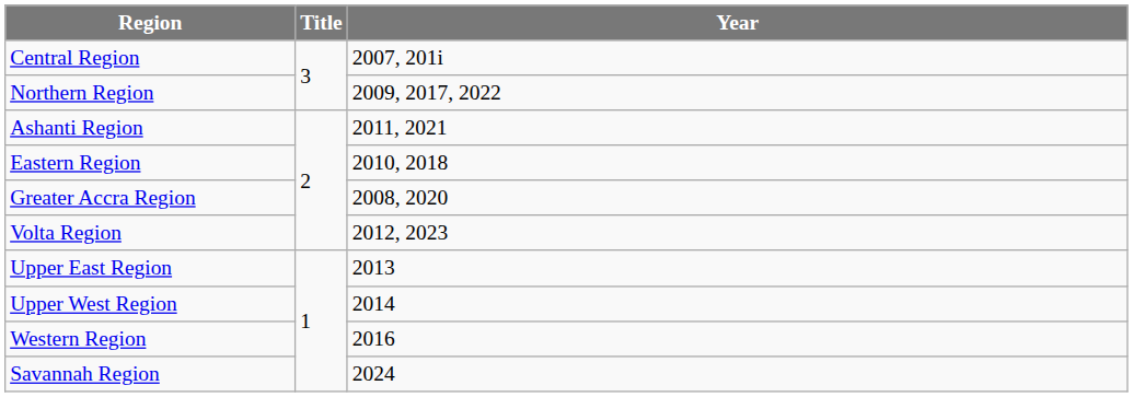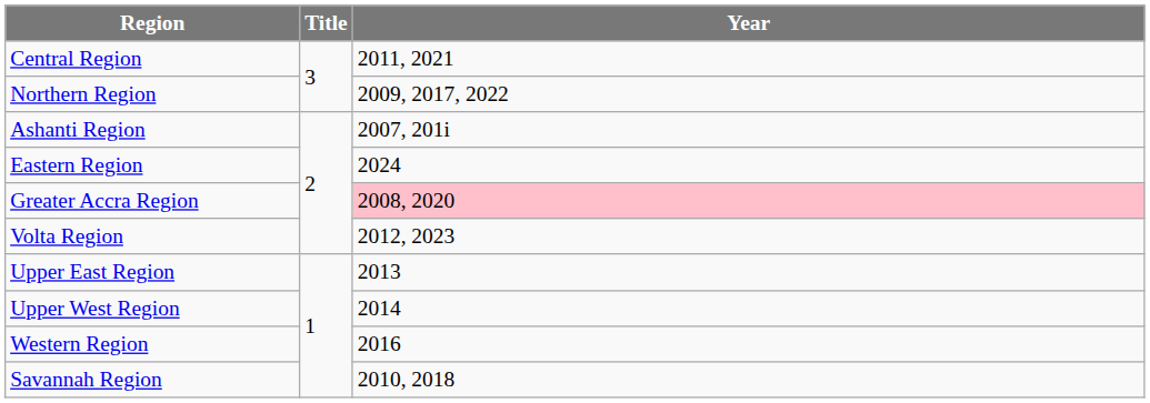 <table class="wikitable sortable" style="font-size: 95%;">
 <tr>
 <th width="200" style="background-color:#787878;color:#FFFFFF;">Region</th>
 <th width="30" style="background-color:#787878;color:#FFFFFF;">Title</th>
 <th width="550" style="background-color:#787878;color:#FFFFFF;">Year</th>
 </tr>
 <tr>
 <td><a href='#'>Central Region</a></td>
 <td rowspan="2">3</td>
-<td>2007, 201i</td>
+<td>2011, 2021</td>
 </tr>
 <tr>
 <td><a href='#'>Northern Region</a></td>
 <td>2009, 2017, 2022</td>
 </tr>
 <tr>
 <td><a href='#'>Ashanti Region</a></td>
 <td rowspan="4">2</td>
-<td>2011, 2021</td>
+<td>2007, 201i</td>
 </tr>
 <tr>
 <td><a href='#'>Eastern Region</a></td>
-<td>2010, 2018</td>
+<td>2024</td>
 </tr>
 <tr>
 <td><a href='#'>Greater Accra Region</a></td>
-<td>2008, 2020</td>
+<td style="background: pink;">2008, 2020</td>
 </tr>
 <tr>
 <td><a href='#'>Volta Region</a></td>
 <td>2012, 2023</td>
 </tr>
 <tr>
 <td><a href='#'>Upper East Region</a></td>
 <td rowspan="4">1</td>
 <td>2013</td>
 </tr>
 <tr>
 <td><a href='#'>Upper West Region</a></td>
 <td>2014</td>
 </tr>
 <tr>
 <td><a href='#'>Western Region</a></td>
 <td>2016</td>
 </tr>
 <tr>
 <td><a href='#'>Savannah Region</a></td>
-<td>2024</td>
+<td>2010, 2018</td>
 </tr>
 </table>
